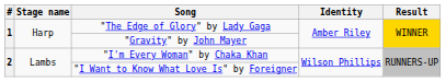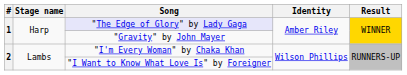 <table class="wikitable plainrowheaders" style="text-align: center;">
 <tr>
 <th>#</th>
 <th>Stage name</th>
 <th>Song</th>
 <th>Identity</th>
 <th>Result</th>
 </tr>
 <tr>
 <th rowspan=2>1</th>
 <td rowspan=2>Harp</td>
-<td>"<a href='#'>The Edge of Glory</a>" by <a href='#'>Lady Gaga</a></td>
+<td style="background: lavender;">"<a href='#'>The Edge of Glory</a>" by <a href='#'>Lady Gaga</a></td>
 <td rowspan=2><a href='#'>Amber Riley</a></td>
 <td bgcolor=gold rowspan=2>WINNER</td>
 </tr>
 <tr>
 <td>"<a href='#'>Gravity</a>" by <a href='#'>John Mayer</a></td>
 </tr>
 <tr>
 <th rowspan=2>2</th>
 <td rowspan=2>Lambs</td>
 <td>"<a href='#'>I'm Every Woman</a>" by <a href='#'>Chaka Khan</a></td>
 <td rowspan=2><a href='#'>Wilson Phillips</a></td>
 <td bgcolor=silver rowspan=2>RUNNERS-UP</td>
 </tr>
 <tr>
 <td>"<a href='#'>I Want to Know What Love Is</a>" by <a href='#'>Foreigner</a></td>
 </tr>
 </table>
